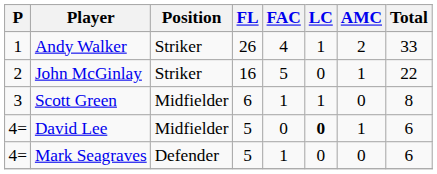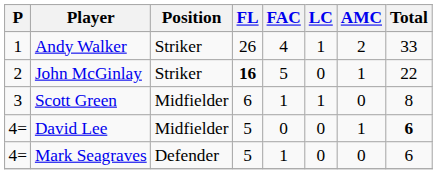 <table class="wikitable sortable">
 <tr>
 <th>P</th>
 <th>Player</th>
 <th>Position</th>
 <th><a href='#'>FL</a></th>
 <th><a href='#'>FAC</a></th>
 <th><a href='#'>LC</a></th>
 <th><a href='#'>AMC</a></th>
 <th>Total</th>
 </tr>
 <tr>
 <td align=center>1</td>
 <td> <a href='#'>Andy Walker</a></td>
 <td>Striker</td>
 <td align=center>26</td>
 <td align=center>4</td>
 <td align=center>1</td>
 <td align=center>2</td>
 <td align=center>33</td>
 </tr>
 <tr>
 <td align=center>2</td>
 <td> <a href='#'>John McGinlay</a></td>
 <td>Striker</td>
-<td align=center>16</td>
+<td align=center><strong>16</strong></td>
 <td align=center>5</td>
 <td align=center>0</td>
 <td align=center>1</td>
 <td align=center>22</td>
 </tr>
 <tr>
 <td align=center>3</td>
 <td> <a href='#'>Scott Green</a></td>
 <td>Midfielder</td>
 <td align=center>6</td>
 <td align=center>1</td>
 <td align=center>1</td>
 <td align=center>0</td>
 <td align=center>8</td>
 </tr>
 <tr>
 <td align=center>4=</td>
 <td> <a href='#'>David Lee</a></td>
 <td>Midfielder</td>
 <td align=center>5</td>
 <td align=center>0</td>
-<td align=center><strong>0</strong></td>
+<td align=center>0</td>
 <td align=center>1</td>
-<td align=center>6</td>
+<td align=center><strong>6</strong></td>
 </tr>
 <tr>
 <td align=center>4=</td>
 <td> <a href='#'>Mark Seagraves</a></td>
 <td>Defender</td>
 <td align=center>5</td>
 <td align=center>1</td>
 <td align=center>0</td>
 <td align=center>0</td>
 <td align=center>6</td>
 </tr>
 <tr>
 </tr>
 </table>
